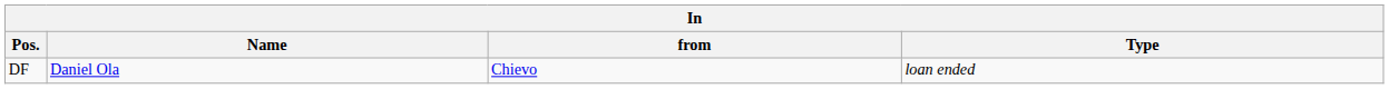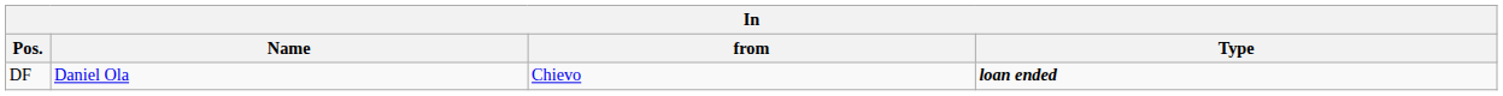 <table class="wikitable" style="font-size:90%;width:99%;">
 <tr>
 <th colspan="4">In</th>
 </tr>
 <tr>
 <th width=3%>Pos.</th>
 <th width=32%>Name</th>
 <th width=30%>from</th>
 <th width=35%>Type</th>
 </tr>
 <tr>
 <td>DF</td>
 <td><a href='#'>Daniel Ola</a></td>
 <td><a href='#'>Chievo</a></td>
-<td><em>loan ended</em></td>
+<td><strong><em>loan ended</em></strong></td>
 </tr>
 </table>
